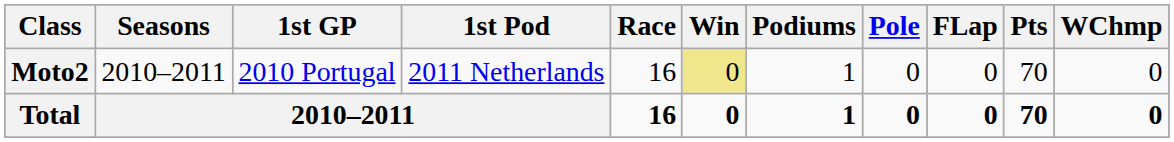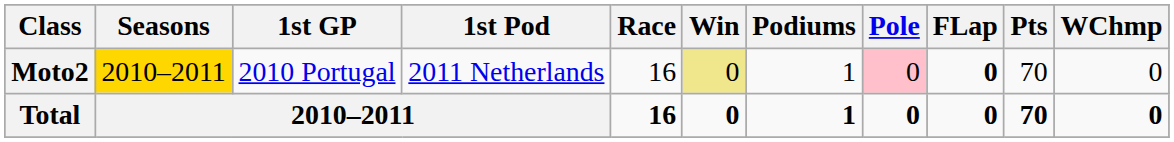 <table class="wikitable">
 <tr>
 <th>Class</th>
 <th>Seasons</th>
 <th>1st GP</th>
 <th>1st Pod</th>
 <th>Race</th>
 <th>Win</th>
 <th>Podiums</th>
 <th><a href='#'>Pole</a></th>
 <th>FLap</th>
 <th>Pts</th>
 <th>WChmp</th>
 </tr>
 <tr align="right">
 <th>Moto2</th>
-<td>2010–2011</td>
+<td style="background: gold;">2010–2011</td>
 <td align="left"><a href='#'>2010 Portugal</a></td>
 <td align="left"><a href='#'>2011 Netherlands</a></td>
 <td>16</td>
 <td style="background: khaki;">0</td>
 <td>1</td>
-<td>0</td>
-<td>0</td>
+<td style="background: pink;">0</td>
+<td><strong>0</strong></td>
 <td>70</td>
 <td>0</td>
 </tr>
 <tr align="right">
 <th>Total</th>
 <th colspan=3>2010–2011</th>
 <td><strong>16</strong></td>
 <td><strong>0</strong></td>
 <td><strong>1</strong></td>
 <td><strong>0</strong></td>
 <td><strong>0</strong></td>
 <td><strong>70</strong></td>
 <td><strong>0</strong></td>
 </tr>
 </table>
